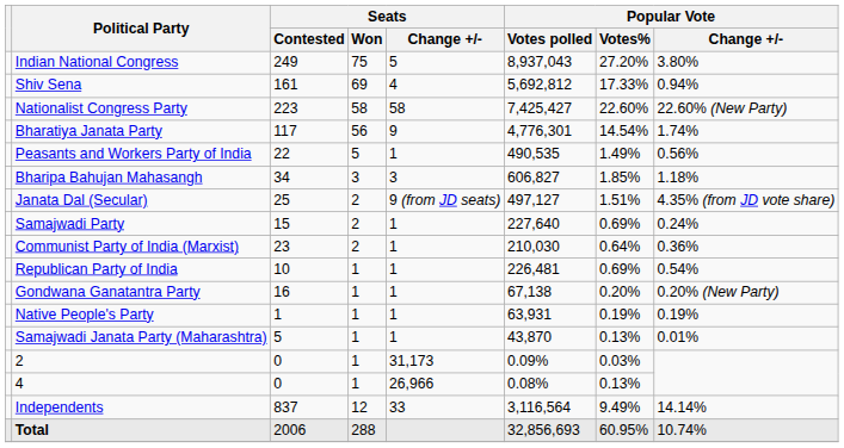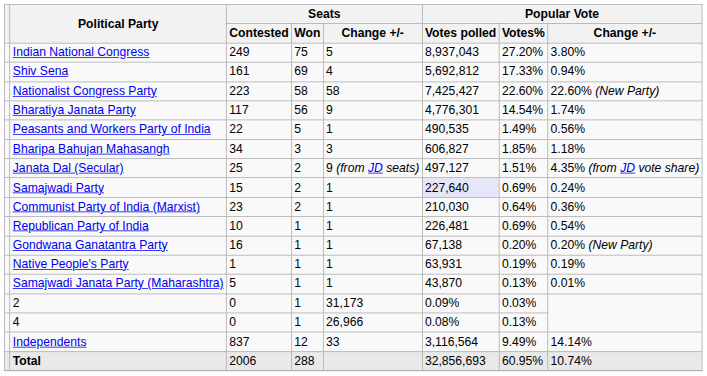 <table class="wikitable sortable">
 <tr>
 <th rowspan="2" class="unsortable"></th>
 <th rowspan="2">Political Party</th>
 <th colspan="3">Seats</th>
 <th colspan="3">Popular Vote</th>
 </tr>
 <tr>
 <th>Contested</th>
 <th>Won</th>
 <th>Change +/-</th>
 <th>Votes polled</th>
 <th>Votes%</th>
 <th>Change +/-</th>
 </tr>
 <tr>
 <td></td>
 <td><a href='#'>Indian National Congress</a></td>
 <td>249</td>
 <td>75</td>
 <td> 5</td>
 <td>8,937,043</td>
 <td>27.20%</td>
 <td> 3.80%</td>
 </tr>
 <tr>
 <td></td>
 <td><a href='#'>Shiv Sena</a></td>
 <td>161</td>
 <td>69</td>
 <td> 4</td>
 <td>5,692,812</td>
 <td>17.33%</td>
 <td> 0.94%</td>
 </tr>
 <tr>
 <td></td>
 <td><a href='#'>Nationalist Congress Party</a></td>
 <td>223</td>
 <td>58</td>
 <td> 58</td>
 <td>7,425,427</td>
 <td>22.60%</td>
 <td> 22.60% <em>(New Party)</em></td>
 </tr>
 <tr>
 <td></td>
 <td><a href='#'>Bharatiya Janata Party</a></td>
 <td>117</td>
 <td>56</td>
 <td> 9</td>
 <td>4,776,301</td>
 <td>14.54%</td>
 <td> 1.74%</td>
 </tr>
 <tr>
 <td></td>
 <td><a href='#'>Peasants and Workers Party of India</a></td>
 <td>22</td>
 <td>5</td>
 <td> 1</td>
 <td>490,535</td>
 <td>1.49%</td>
 <td> 0.56%</td>
 </tr>
 <tr>
 <td></td>
 <td><a href='#'>Bharipa Bahujan Mahasangh</a></td>
 <td>34</td>
 <td>3</td>
 <td> 3</td>
 <td>606,827</td>
 <td>1.85%</td>
 <td> 1.18%</td>
 </tr>
 <tr>
 <td></td>
 <td><a href='#'>Janata Dal (Secular)</a></td>
 <td>25</td>
 <td>2</td>
 <td> 9 <em>(from <a href='#'>JD</a> seats)</em></td>
 <td>497,127</td>
 <td>1.51%</td>
 <td> 4.35% <em>(from <a href='#'>JD</a> vote share)</em></td>
 </tr>
 <tr>
 <td></td>
 <td><a href='#'>Samajwadi Party</a></td>
 <td>15</td>
 <td>2</td>
 <td> 1</td>
-<td>227,640</td>
+<td style="background: lavender;">227,640</td>
 <td>0.69%</td>
 <td> 0.24%</td>
 </tr>
 <tr>
 <td></td>
 <td><a href='#'>Communist Party of India (Marxist)</a></td>
 <td>23</td>
 <td>2</td>
 <td> 1</td>
 <td>210,030</td>
 <td>0.64%</td>
 <td> 0.36%</td>
 </tr>
 <tr>
 <td></td>
 <td><a href='#'>Republican Party of India</a></td>
 <td>10</td>
 <td>1</td>
 <td> 1</td>
 <td>226,481</td>
 <td>0.69%</td>
 <td> 0.54%</td>
 </tr>
 <tr>
 <td></td>
 <td><a href='#'>Gondwana Ganatantra Party</a></td>
 <td>16</td>
 <td>1</td>
 <td> 1</td>
 <td>67,138</td>
 <td>0.20%</td>
 <td> 0.20% <em>(New Party)</em></td>
 </tr>
 <tr>
 <td></td>
 <td><a href='#'>Native People's Party</a></td>
 <td>1</td>
 <td>1</td>
 <td> 1</td>
 <td>63,931</td>
 <td>0.19%</td>
 <td> 0.19%</td>
 </tr>
 <tr>
 <td></td>
 <td><a href='#'>Samajwadi Janata Party (Maharashtra)</a></td>
 <td>5</td>
 <td>1</td>
 <td> 1</td>
 <td>43,870</td>
 <td>0.13%</td>
 <td> 0.01%</td>
 </tr>
 <tr>
 <td></td>
 <td>2</td>
 <td>0</td>
 <td>1</td>
 <td>31,173</td>
 <td>0.09%</td>
 <td>0.03%</td>
 </tr>
 <tr>
 <td></td>
 <td>4</td>
 <td>0</td>
 <td>1</td>
 <td>26,966</td>
 <td>0.08%</td>
 <td>0.13%</td>
 </tr>
 <tr>
 <td></td>
 <td><a href='#'>Independents</a></td>
 <td>837</td>
 <td>12</td>
 <td> 33</td>
 <td>3,116,564</td>
 <td>9.49%</td>
 <td> 14.14%</td>
 </tr>
 <tr style="background-color:#E9E9E9">
 <td></td>
 <td align="left"><strong>Total</strong></td>
 <td>2006</td>
 <td>288</td>
 <td></td>
 <td>32,856,693</td>
 <td>60.95%</td>
 <td> 10.74%</td>
 </tr>
 <tr>
 </tr>
 </table>
